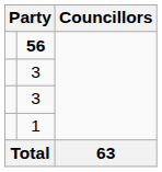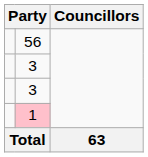 <table class="wikitable">
 <tr>
 <th colspan="2">Party</th>
 <th>Councillors</th>
 </tr>
 <tr>
 <td></td>
-<td align=center><strong>56</strong></td>
+<td align=center>56</td>
 </tr>
 <tr>
 <td></td>
 <td align=center>3</td>
 </tr>
 <tr>
 <td></td>
 <td align=center>3</td>
 </tr>
 <tr>
 <td></td>
-<td align=center>1</td>
+<td align=center style="background: pink;">1</td>
 </tr>
 <tr>
 <th colspan=2>Total</th>
 <th align=center>63</th>
 </tr>
 </table>
